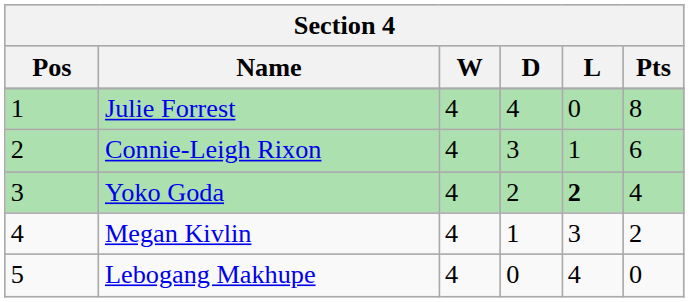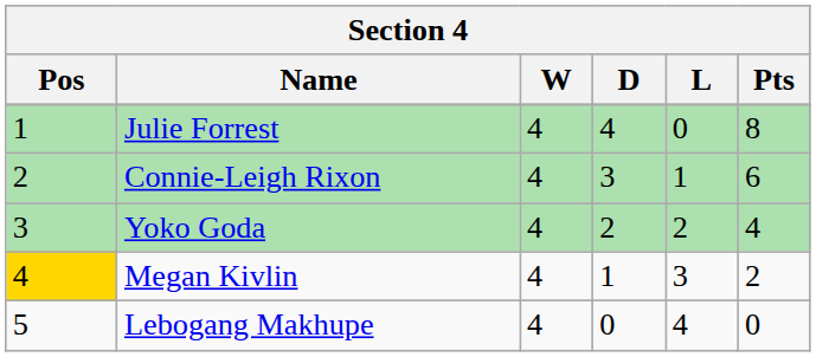 <table class="wikitable">
 <tr>
 <th colspan="6">Section 4</th>
 </tr>
 <tr>
 <th width=50>Pos</th>
 <th width=200>Name</th>
 <th width=30>W</th>
 <th width=30>D</th>
 <th width=30>L</th>
 <th width=30>Pts</th>
 </tr>
 <tr>
 </tr>
 <tr style="background:#ACE1AF;">
 <td>1</td>
 <td> <a href='#'>Julie Forrest</a></td>
 <td>4</td>
 <td>4</td>
 <td>0</td>
 <td>8</td>
 </tr>
 <tr style="background:#ACE1AF;">
 <td>2</td>
 <td> <a href='#'>Connie-Leigh Rixon</a></td>
 <td>4</td>
 <td>3</td>
 <td>1</td>
 <td>6</td>
 </tr>
 <tr style="background:#ACE1AF;">
 <td>3</td>
 <td> <a href='#'>Yoko Goda</a></td>
 <td>4</td>
 <td>2</td>
-<td><strong>2</strong></td>
+<td>2</td>
 <td>4</td>
 </tr>
 <tr>
-<td>4</td>
+<td style="background: gold;">4</td>
 <td> <a href='#'>Megan Kivlin</a></td>
 <td>4</td>
 <td>1</td>
 <td>3</td>
 <td>2</td>
 </tr>
 <tr>
 <td>5</td>
 <td> <a href='#'>Lebogang Makhupe</a></td>
 <td>4</td>
 <td>0</td>
 <td>4</td>
 <td>0</td>
 </tr>
 </table>
